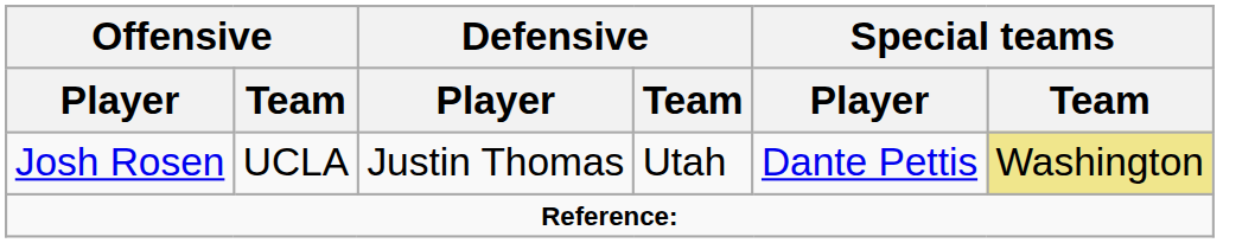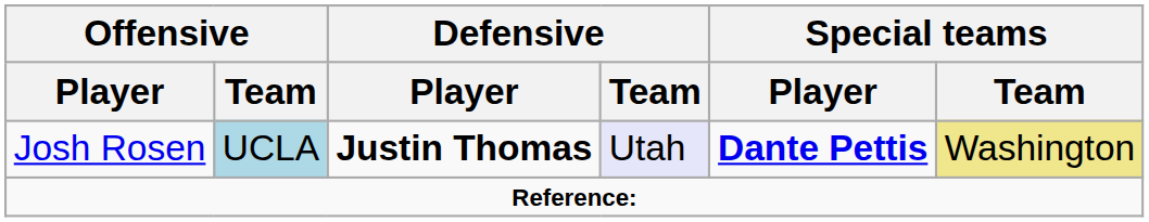 <table class="wikitable">
 <tr>
 <th colspan="2">Offensive</th>
 <th colspan="2">Defensive</th>
 <th colspan="2">Special teams</th>
 </tr>
 <tr>
 <th>Player</th>
 <th>Team</th>
 <th>Player</th>
 <th>Team</th>
 <th>Player</th>
 <th>Team</th>
 </tr>
 <tr>
 <td><a href='#'>Josh Rosen</a></td>
-<td>UCLA</td>
-<td>Justin Thomas</td>
-<td>Utah</td>
-<td><a href='#'>Dante Pettis</a></td>
+<td style="background: lightblue;">UCLA</td>
+<td><strong>Justin Thomas</strong></td>
+<td style="background: lavender;">Utah</td>
+<td><strong><a href='#'>Dante Pettis</a></strong></td>
 <td style="background: khaki;">Washington</td>
 </tr>
 <tr>
 <td colspan="12"  style="font-size:8pt; text-align:center;"><strong>Reference:</strong></td>
 </tr>
 </table>
